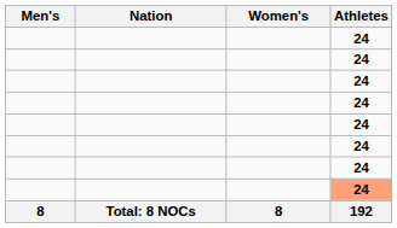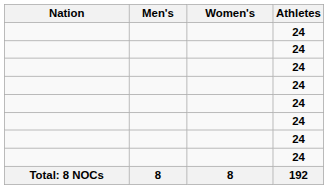 <table class="wikitable sortable" width=405 style="text-align:center; font-size:90%">
 <tr>
+<th>Nation</th>
 <th>Men's</th>
-<th>Nation</th>
 <th>Women's</th>
 <th width=55>Athletes</th>
 </tr>
 <tr>
+<td style="text-align:left;"></td>
 <td></td>
-<td style="text-align:left;"></td>
 <td></td>
 <td><strong>24</strong></td>
 </tr>
 <tr>
+<td style="text-align:left;"></td>
 <td></td>
-<td style="text-align:left;"></td>
 <td></td>
 <td><strong>24</strong></td>
 </tr>
 <tr>
+<td style="text-align:left;"></td>
 <td></td>
-<td style="text-align:left;"></td>
 <td></td>
 <td><strong>24</strong></td>
 </tr>
 <tr>
+<td style="text-align:left;"></td>
 <td></td>
-<td style="text-align:left;"></td>
 <td></td>
 <td><strong>24</strong></td>
 </tr>
 <tr>
+<td style="text-align:left;"></td>
 <td></td>
-<td style="text-align:left;"></td>
 <td></td>
 <td><strong>24</strong></td>
 </tr>
 <tr>
+<td style="text-align:left;"></td>
 <td></td>
-<td style="text-align:left;"></td>
 <td></td>
 <td><strong>24</strong></td>
 </tr>
 <tr>
+<td style="text-align:left;"></td>
 <td></td>
-<td style="text-align:left;"></td>
 <td></td>
 <td><strong>24</strong></td>
 </tr>
 <tr>
-<td></td>
 <td style="text-align:left;"></td>
 <td></td>
-<td style="background: lightsalmon;"><strong>24</strong></td>
+<td></td>
+<td><strong>24</strong></td>
 </tr>
 <tr>
+<th>Total: 8 NOCs</th>
 <th>8</th>
-<th>Total: 8 NOCs</th>
 <th>8</th>
 <th>192</th>
 </tr>
 </table>
